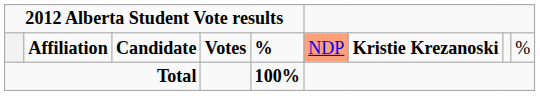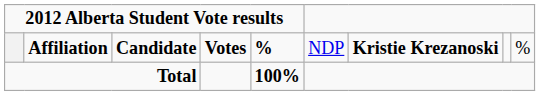 <table class="wikitable">
 <tr>
 <td colspan="5" align=center><strong>2012 Alberta Student Vote results</strong></td>
 </tr>
 <tr>
 <th style="width: 10px;"></th>
 <td><strong>Affiliation</strong></td>
 <td><strong>Candidate</strong></td>
 <td><strong>Votes</strong></td>
 <td><strong>%</strong><br>   </td>
-<td style="background: lightsalmon;"><a href='#'>NDP</a></td>
+<td><a href='#'>NDP</a></td>
 <td><strong>Kristie Krezanoski</strong></td>
 <td></td>
 <td>%</td>
 </tr>
 <tr>
 <td colspan="3" align="right"><strong>Total</strong></td>
 <td></td>
 <td><strong>100%</strong></td>
 </tr>
 </table>
